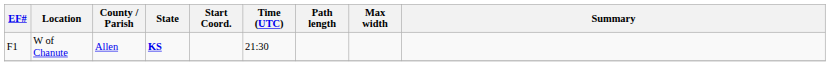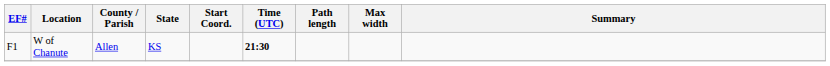 <table class="wikitable sortable" style="width:100%;">
 <tr>
 <th scope="col"  style="width:3%; text-align:center;"><a href='#'>EF#</a></th>
 <th scope="col"  style="width:7%; text-align:center;" class="unsortable">Location</th>
 <th scope="col"  style="width:6%; text-align:center;" class="unsortable">County / Parish</th>
 <th scope="col"  style="width:5%; text-align:center;">State</th>
 <th scope="col"  style="width:6%; text-align:center;">Start Coord.</th>
 <th scope="col"  style="width:6%; text-align:center;">Time (<a href='#'>UTC</a>)</th>
 <th scope="col"  style="width:6%; text-align:center;">Path length</th>
 <th scope="col"  style="width:6%; text-align:center;">Max width</th>
 <th scope="col" class="unsortable" style="width:48%; text-align:center;">Summary</th>
 </tr>
 <tr>
 <td bgcolor=>F1</td>
 <td>W of <a href='#'>Chanute</a></td>
 <td><a href='#'>Allen</a></td>
-<td><strong><a href='#'>KS</a></strong></td>
+<td><a href='#'>KS</a></td>
 <td></td>
-<td>21:30</td>
+<td><strong>21:30</strong></td>
 <td></td>
 <td></td>
 <td></td>
 </tr>
 <tr>
 </tr>
 </table>
